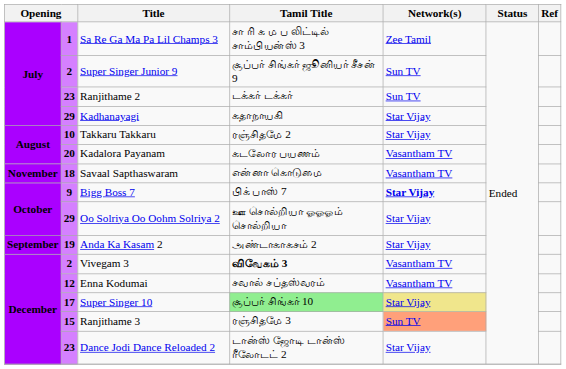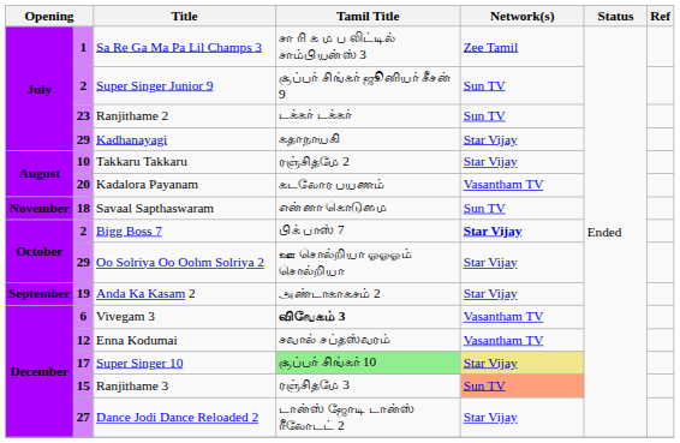 <table class="wikitable" width="90%">
 <tr>
 <th colspan="2">Opening</th>
 <th style="width:30%;">Title</th>
 <th style="width:30%;">Tamil Title</th>
 <th style="width:20%;">Network(s)</th>
 <th style="width:10%;">Status</th>
 <th>Ref</th>
 </tr>
 <tr>
 <td rowspan="4" style="text-align:center; background:#a0f; textcolor:#d580ff;"><strong>July</strong></td>
 <td rowspan="1" style="text-align:center; background:#d580ff"><strong>1</strong></td>
 <td><a href='#'>Sa Re Ga Ma Pa Lil Champs 3</a></td>
 <td>சா ரி க ம ப லிட்டில் சாம்பியன்ஸ் 3</td>
 <td><a href='#'>Zee Tamil</a></td>
 <td rowspan="15">Ended</td>
 <td></td>
 </tr>
 <tr>
 <td rowspan="1" style="text-align:center; background:#d580ff"><strong>2</strong></td>
 <td><a href='#'>Super Singer Junior 9</a></td>
 <td>சூப்பர் சிங்கர் ஜூனியர் சீசன் 9</td>
 <td><a href='#'>Sun TV</a></td>
 <td></td>
 </tr>
 <tr>
 <td rowspan="1" style="text-align:center; background:#d580ff"><strong>23</strong></td>
 <td>Ranjithame 2</td>
 <td>டக்கர் டக்கர்</td>
 <td><a href='#'>Sun TV</a></td>
 <td></td>
 </tr>
 <tr>
 <td rowspan="1" style="text-align:center; background:#d580ff"><strong>29</strong></td>
 <td><a href='#'>Kadhanayagi</a></td>
 <td>கதாநாயகி</td>
 <td><a href='#'>Star Vijay</a></td>
 <td></td>
 </tr>
 <tr>
 <td rowspan="2" style="text-align:center; background:#a0f; textcolor:#d580ff;"><strong>August</strong></td>
 <td rowspan="1" style="text-align:center; background:#d580ff"><strong>10</strong></td>
 <td>Takkaru Takkaru</td>
 <td>ரஞ்சிதமே 2</td>
 <td><a href='#'>Star Vijay</a></td>
 <td></td>
 </tr>
 <tr>
 <td rowspan="1" style="text-align:center; background:#d580ff"><strong>20</strong></td>
 <td>Kadalora Payanam</td>
 <td>கடலோர பயணம்</td>
 <td><a href='#'>Vasantham TV</a></td>
 <td></td>
 </tr>
 <tr>
 <td rowspan="1" style="text-align:center; background:#a0f; textcolor:#d580ff;"><strong>November</strong></td>
 <td rowspan="1" style="text-align:center; background:#d580ff"><strong>18</strong></td>
 <td>Savaal Sapthaswaram</td>
 <td>என்னா கொடுமை</td>
-<td><a href='#'>Vasantham TV</a></td>
+<td><a href='#'>Sun TV</a></td>
 <td></td>
 </tr>
 <tr>
 <td rowspan="2" style="text-align:center; background:#a0f; textcolor:#d580ff;"><strong>October</strong></td>
-<td rowspan="1" style="text-align:center; background:#d580ff"><strong>9</strong></td>
+<td rowspan="1" style="text-align:center; background:#d580ff"><strong>2</strong></td>
 <td><a href='#'>Bigg Boss 7</a></td>
 <td>பிக் பாஸ் 7</td>
 <td><strong><a href='#'>Star Vijay</a></strong></td>
 <td></td>
 </tr>
 <tr>
 <td rowspan="1" style="text-align:center; background:#d580ff"><strong>29</strong></td>
 <td><a href='#'>Oo Solriya Oo Oohm Solriya 2</a></td>
 <td>ஊ சொல்றியா ஓஓஓம் சொல்றியா</td>
 <td><a href='#'>Star Vijay</a></td>
 <td></td>
 </tr>
 <tr>
 <td rowspan="1" style="text-align:center; background:#a0f; textcolor:#d580ff;"><strong>September</strong></td>
 <td rowspan="1" style="text-align:center; background:#d580ff"><strong>19</strong></td>
 <td><a href='#'>Anda Ka Kasam</a> 2</td>
 <td>அண்டாகாகசம் 2</td>
 <td><a href='#'>Star Vijay</a></td>
 <td></td>
 </tr>
 <tr>
 <td rowspan="5" style="text-align:center; background:#a0f; textcolor:#d580ff;"><strong>December</strong></td>
-<td rowspan="1" style="text-align:center; background:#d580ff"><strong>2</strong></td>
+<td rowspan="1" style="text-align:center; background:#d580ff"><strong>6</strong></td>
 <td>Vivegam 3</td>
 <td><strong>விவேகம் 3</strong></td>
 <td><a href='#'>Vasantham TV</a></td>
 <td></td>
 </tr>
 <tr>
 <td rowspan="1" style="text-align:center; background:#d580ff"><strong>12</strong></td>
 <td>Enna Kodumai</td>
 <td>சவால் சப்தஸ்வரம்</td>
 <td><a href='#'>Vasantham TV</a></td>
 <td></td>
 </tr>
 <tr>
 <td rowspan="1" style="text-align:center; background:#d580ff"><strong>17</strong></td>
 <td><a href='#'>Super Singer 10</a></td>
 <td style="background: lightgreen;">சூப்பர் சிங்கர் 10</td>
 <td style="background: khaki;"><a href='#'>Star Vijay</a></td>
 <td></td>
 </tr>
 <tr>
 <td rowspan="1" style="text-align:center; background:#d580ff"><strong>15</strong></td>
 <td>Ranjithame 3</td>
 <td>ரஞ்சிதமே 3</td>
 <td style="background: lightsalmon;"><a href='#'>Sun TV</a></td>
 <td></td>
 </tr>
 <tr>
-<td rowspan="1" style="text-align:center; background:#d580ff"><strong>23</strong></td>
+<td rowspan="1" style="text-align:center; background:#d580ff"><strong>27</strong></td>
 <td><a href='#'>Dance Jodi Dance Reloaded 2</a></td>
 <td>டான்ஸ் ஜோடி டான்ஸ் ரீலோடட் 2</td>
 <td><a href='#'>Star Vijay</a></td>
 <td></td>
 </tr>
 <tr>
 </tr>
 </table>
